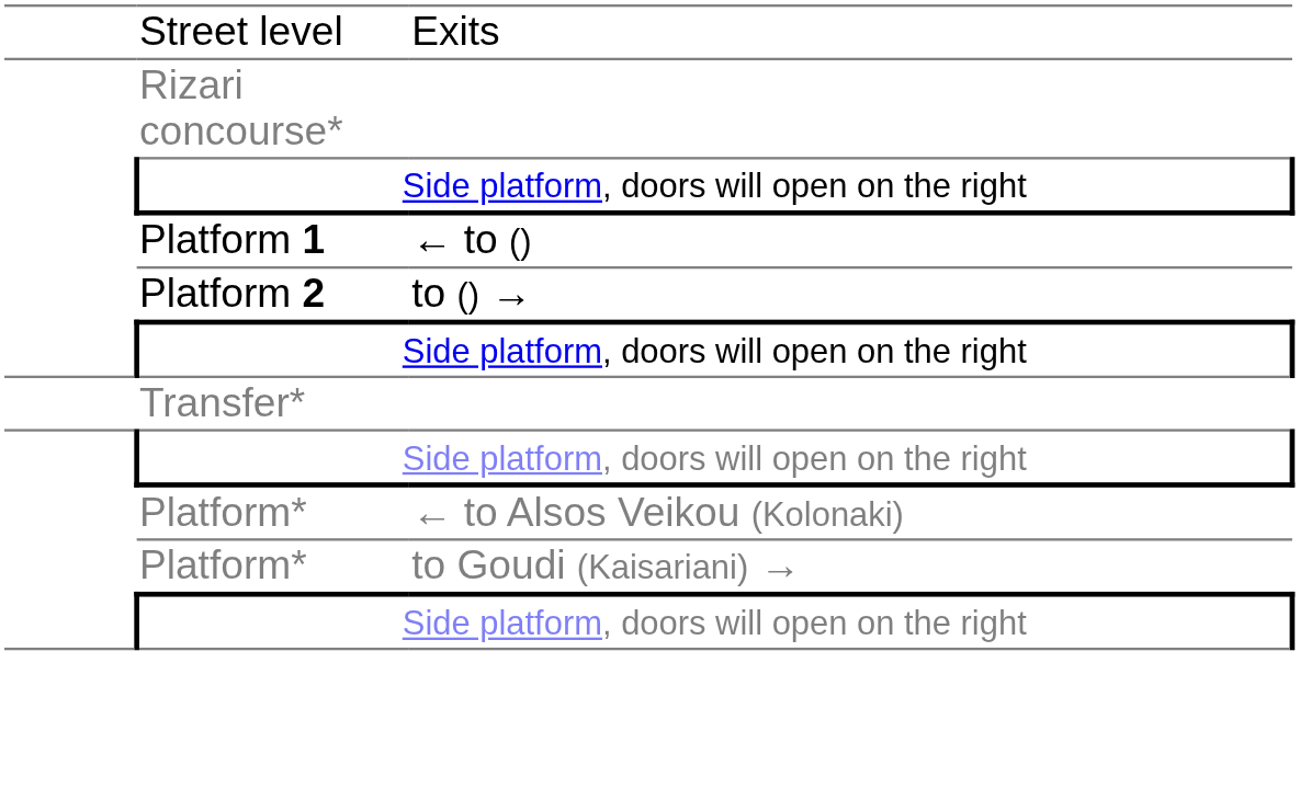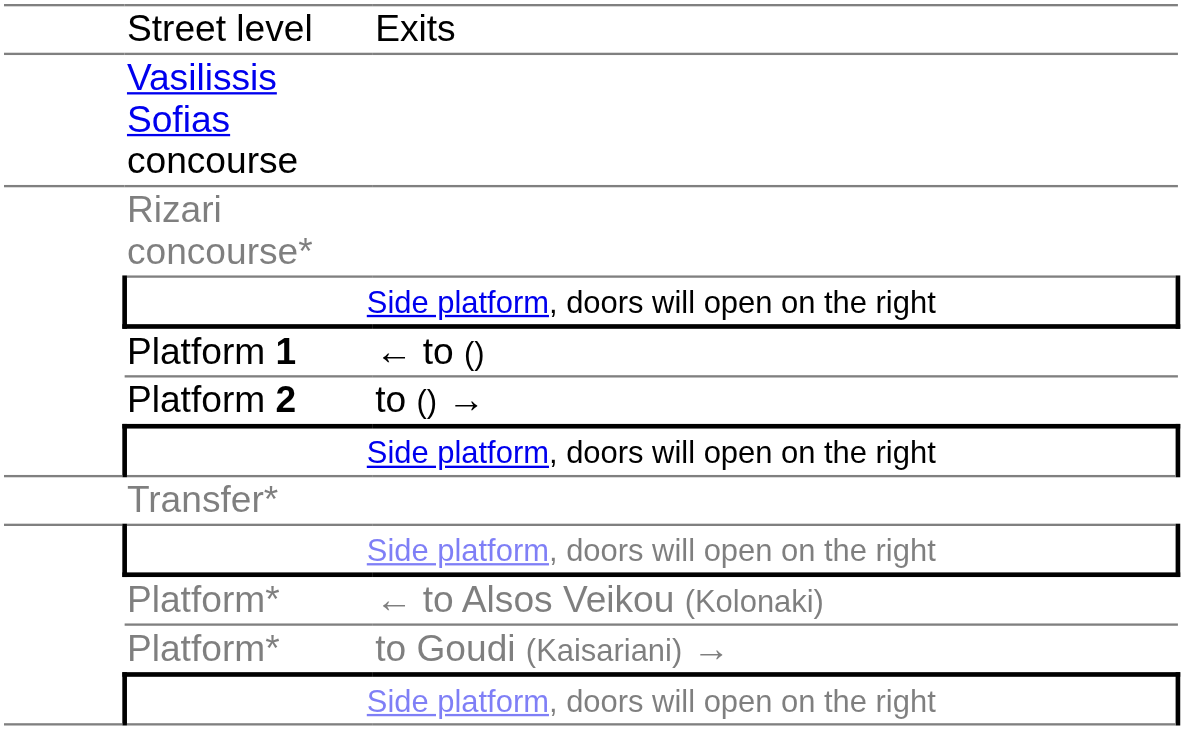 <table style="border-collapse:collapse">
 <tr style="border-top:1px solid gray">
 <td style="width:50px"><strong></strong></td>
 <td style="width:105px">Street level</td>
 <td style="width:345px">Exits</td>
+</tr>
+<tr style="border-top:1px solid gray">
+<td><strong></strong></td>
+<td><a href='#'>Vasilissis Sofias</a> concourse</td>
+<td></td>
 </tr>
 <tr style="border-top:1px solid gray">
 <td rowspan=5><strong></strong></td>
 <td style="opacity:0.5">Rizari concourse*</td>
 <td style="opacity:0.5"></td>
 </tr>
 <tr style="border-top:1px solid gray">
 <td colspan=2 style="border-right:solid 2px black;border-left:solid 2px black;border-bottom:solid 2px black;text-align:center"><small><a href='#'>Side platform</a>, doors will open on the right</small></td>
 </tr>
 <tr>
 <td>Platform <strong>1</strong></td>
 <td>←  to  <small>()</small></td>
 </tr>
 <tr style="border-top:1px solid gray">
 <td>Platform <strong>2</strong></td>
 <td>  to  <small>()</small> →</td>
 </tr>
 <tr>
 <td colspan=2 style="border-right:solid 2px black;border-left:solid 2px black;border-top:solid 2px black;text-align:center"><small><a href='#'>Side platform</a>, doors will open on the right</small></td>
 </tr>
 <tr style="opacity:0.5;border-top:1px solid gray">
 <td><strong></strong></td>
 <td>Transfer*</td>
 </tr>
 <tr style="opacity:0.5;border-top:1px solid gray">
 <td rowspan=4 style="border-bottom:1px solid gray"><strong></strong></td>
 <td colspan=2 style="border-right:solid 2px black;border-left:solid 2px black;border-bottom:solid 2px black;text-align:center"><small><a href='#'>Side platform</a>, doors will open on the right</small></td>
 </tr>
 <tr style="opacity:0.5">
 <td>Platform*</td>
 <td>←  to Alsos Veikou <small>(Kolonaki)</small></td>
 </tr>
 <tr style="opacity:0.5;border-top:1px solid gray">
 <td>Platform*</td>
 <td>  to Goudi <small>(Kaisariani)</small> →</td>
 </tr>
 <tr style="opacity:0.5">
 <td colspan=2 style="border-right:solid 2px black;border-left:solid 2px black;border-top:solid 2px black;text-align:center;border-bottom:1px solid gray"><small><a href='#'>Side platform</a>, doors will open on the right</small></td>
 </tr>
 </table>
